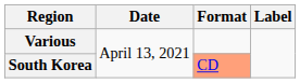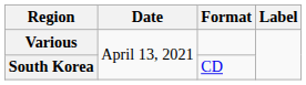 <table class="wikitable plainrowheaders">
 <tr>
 <th>Region</th>
 <th>Date</th>
 <th>Format</th>
 <th>Label</th>
 </tr>
 <tr>
 <th scope="row">Various</th>
 <td rowspan="2">April 13, 2021</td>
 <td></td>
 <td rowspan="2"></td>
 </tr>
 <tr>
 <th scope="row">South Korea</th>
-<td style="background: lightsalmon;"><a href='#'>CD</a></td>
+<td><a href='#'>CD</a></td>
 </tr>
 </table>
